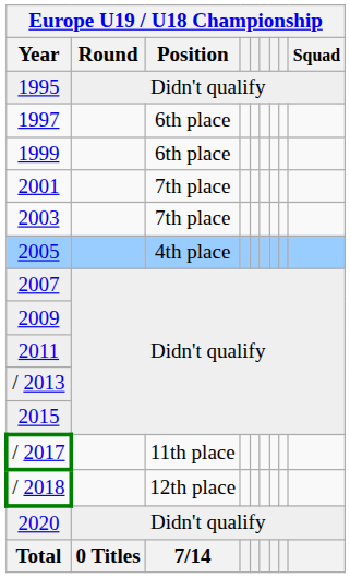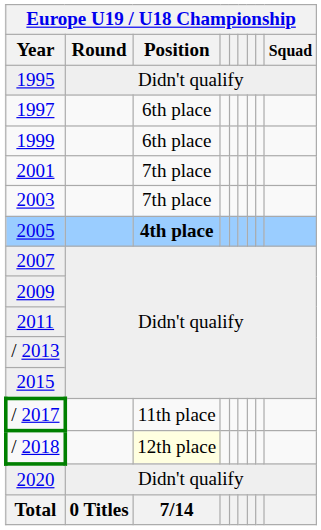 <table class="wikitable" style="text-align: center;">
 <tr>
 <th colspan=9><a href='#'>Europe U19 / U18 Championship</a></th>
 </tr>
 <tr>
 <th>Year</th>
 <th>Round</th>
 <th>Position</th>
 <th></th>
 <th></th>
 <th></th>
 <th></th>
 <th></th>
 <th><small>Squad</small></th>
 </tr>
 <tr bgcolor="efefef">
 <td> <a href='#'>1995</a></td>
 <td colspan=9>Didn't qualify</td>
 </tr>
 <tr>
 <td> <a href='#'>1997</a></td>
 <td></td>
 <td>6th place</td>
 <td></td>
 <td></td>
 <td></td>
 <td></td>
 <td></td>
 <td></td>
 </tr>
 <tr>
 <td> <a href='#'>1999</a></td>
 <td></td>
 <td>6th place</td>
 <td></td>
 <td></td>
 <td></td>
 <td></td>
 <td></td>
 <td></td>
 </tr>
 <tr>
 <td> <a href='#'>2001</a></td>
 <td></td>
 <td>7th place</td>
 <td></td>
 <td></td>
 <td></td>
 <td></td>
 <td></td>
 <td></td>
 </tr>
 <tr>
 <td> <a href='#'>2003</a></td>
 <td></td>
 <td>7th place</td>
 <td></td>
 <td></td>
 <td></td>
 <td></td>
 <td></td>
 <td></td>
 </tr>
 <tr bgcolor=9acdff>
 <td> <a href='#'>2005</a></td>
 <td></td>
-<td>4th place</td>
+<td><strong>4th place</strong></td>
 <td></td>
 <td></td>
 <td></td>
 <td></td>
 <td></td>
 <td></td>
 </tr>
 <tr bgcolor="efefef">
 <td> <a href='#'>2007</a></td>
 <td colspan=9 rowspan=5>Didn't qualify</td>
 </tr>
 <tr bgcolor="efefef">
 <td> <a href='#'>2009</a></td>
 </tr>
 <tr bgcolor="efefef">
 <td> <a href='#'>2011</a></td>
 </tr>
 <tr bgcolor="efefef">
 <td>/ <a href='#'>2013</a></td>
 </tr>
 <tr bgcolor="efefef">
 <td> <a href='#'>2015</a></td>
 </tr>
 <tr>
 <td style="border:3px solid green">/ <a href='#'>2017</a></td>
 <td></td>
 <td>11th place</td>
 <td></td>
 <td></td>
 <td></td>
 <td></td>
 <td></td>
 <td></td>
 </tr>
 <tr>
 <td style="border:3px solid green">/ <a href='#'>2018</a></td>
 <td></td>
-<td>12th place</td>
+<td style="background: lightyellow;">12th place</td>
 <td></td>
 <td></td>
 <td></td>
 <td></td>
 <td></td>
 <td></td>
 </tr>
 <tr bgcolor="efefef">
 <td> <a href='#'>2020</a></td>
 <td colspan=9>Didn't qualify</td>
 </tr>
 <tr>
 <th>Total</th>
 <th>0 Titles</th>
 <th>7/14</th>
 <th></th>
 <th></th>
 <th></th>
 <th></th>
 <th></th>
 <th></th>
 </tr>
 </table>
